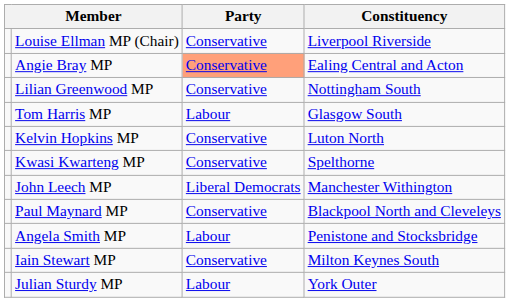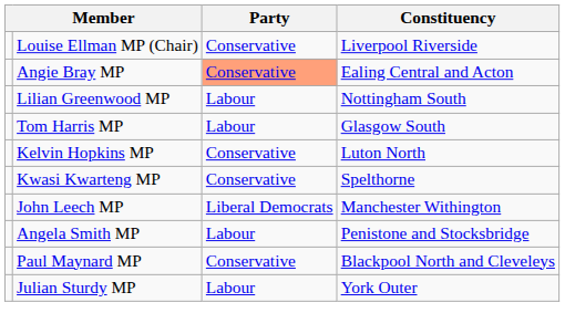 <table class="wikitable">
 <tr>
 <th colspan=2>Member</th>
 <th>Party</th>
 <th>Constituency</th>
 </tr>
 <tr>
 <td style="color:inherit;background:"></td>
 <td><a href='#'>Louise Ellman</a> MP (Chair)</td>
 <td><a href='#'>Conservative</a></td>
 <td><a href='#'>Liverpool Riverside</a></td>
 </tr>
 <tr>
 <td style="color:inherit;background:"></td>
 <td><a href='#'>Angie Bray</a> MP</td>
 <td style="background: lightsalmon;"><a href='#'>Conservative</a></td>
 <td><a href='#'>Ealing Central and Acton</a></td>
 </tr>
 <tr>
 <td style="color:inherit;background:"></td>
 <td><a href='#'>Lilian Greenwood</a> MP</td>
-<td><a href='#'>Conservative</a></td>
+<td><a href='#'>Labour</a></td>
 <td><a href='#'>Nottingham South</a></td>
 </tr>
 <tr>
 <td style="color:inherit;background:"></td>
 <td><a href='#'>Tom Harris</a> MP</td>
 <td><a href='#'>Labour</a></td>
 <td><a href='#'>Glasgow South</a></td>
 </tr>
 <tr>
 <td style="color:inherit;background:"></td>
 <td><a href='#'>Kelvin Hopkins</a> MP</td>
 <td><a href='#'>Conservative</a></td>
 <td><a href='#'>Luton North</a></td>
 </tr>
 <tr>
 <td style="color:inherit;background:"></td>
 <td><a href='#'>Kwasi Kwarteng</a> MP</td>
 <td><a href='#'>Conservative</a></td>
 <td><a href='#'>Spelthorne</a></td>
 </tr>
 <tr>
 <td style="color:inherit;background:"></td>
 <td><a href='#'>John Leech</a> MP</td>
 <td><a href='#'>Liberal Democrats</a></td>
 <td><a href='#'>Manchester Withington</a></td>
 </tr>
 <tr>
 <td style="color:inherit;background:"></td>
-<td><a href='#'>Paul Maynard</a> MP</td>
-<td><a href='#'>Conservative</a></td>
-<td><a href='#'>Blackpool North and Cleveleys</a></td>
-</tr>
-<tr>
-<td style="color:inherit;background:"></td>
 <td><a href='#'>Angela Smith</a> MP</td>
 <td><a href='#'>Labour</a></td>
 <td><a href='#'>Penistone and Stocksbridge</a></td>
 </tr>
 <tr>
 <td style="color:inherit;background:"></td>
-<td><a href='#'>Iain Stewart</a> MP</td>
+<td><a href='#'>Paul Maynard</a> MP</td>
 <td><a href='#'>Conservative</a></td>
-<td><a href='#'>Milton Keynes South</a></td>
+<td><a href='#'>Blackpool North and Cleveleys</a></td>
 </tr>
 <tr>
 <td style="color:inherit;background:"></td>
 <td><a href='#'>Julian Sturdy</a> MP</td>
 <td><a href='#'>Labour</a></td>
 <td><a href='#'>York Outer</a></td>
 </tr>
 </table>
